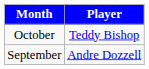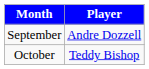 <table class="wikitable" style="text-align:center">
 <tr>
 <th style="background:blue; color:white; width=0%">Month</th>
 <th style="background:blue; color:white; width=0%">Player</th>
 </tr>
 <tr>
+<td>September</td>
+<td> <a href='#'>Andre Dozzell</a></td>
+</tr>
+<tr>
 <td>October</td>
 <td> <a href='#'>Teddy Bishop</a></td>
 </tr>
-<tr>
-<td>September</td>
-<td> <a href='#'>Andre Dozzell</a></td>
-</tr>
 </table>
